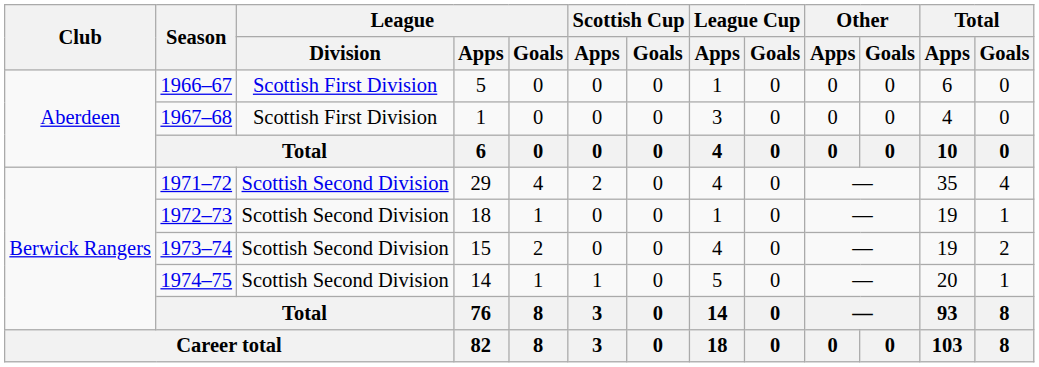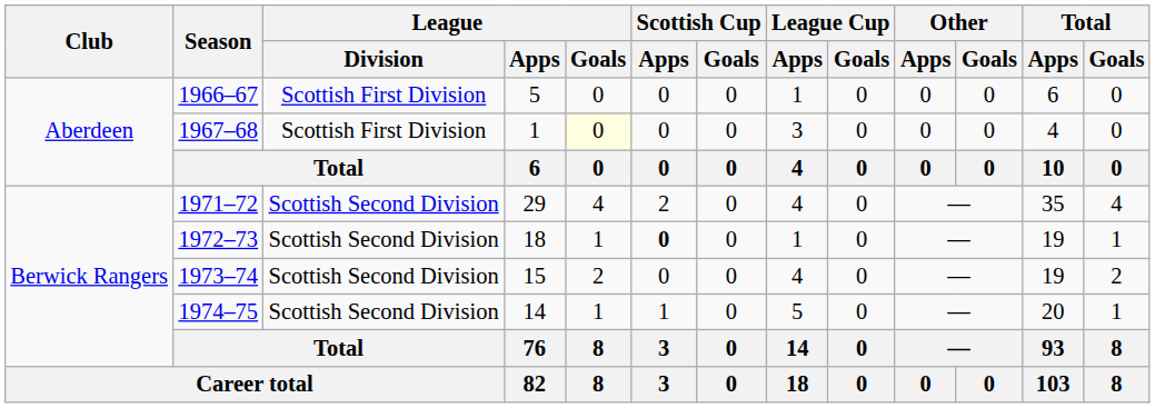 <table class="wikitable" style="text-align: center;">
 <tr>
 <th rowspan="2">Club</th>
 <th rowspan="2">Season</th>
 <th colspan="3">League</th>
 <th colspan="2">Scottish Cup</th>
 <th colspan="2">League Cup</th>
 <th colspan="2">Other</th>
 <th colspan="2">Total</th>
 </tr>
 <tr>
 <th>Division</th>
 <th>Apps</th>
 <th>Goals</th>
 <th>Apps</th>
 <th>Goals</th>
 <th>Apps</th>
 <th>Goals</th>
 <th>Apps</th>
 <th>Goals</th>
 <th>Apps</th>
 <th>Goals</th>
 </tr>
 <tr>
 <td rowspan="3"><a href='#'>Aberdeen</a></td>
 <td><a href='#'>1966–67</a></td>
 <td><a href='#'>Scottish First Division</a></td>
 <td>5</td>
 <td>0</td>
 <td>0</td>
 <td>0</td>
 <td>1</td>
 <td>0</td>
 <td>0</td>
 <td>0</td>
 <td>6</td>
 <td>0</td>
 </tr>
 <tr>
 <td><a href='#'>1967–68</a></td>
 <td>Scottish First Division</td>
 <td>1</td>
-<td>0</td>
+<td style="background: lightyellow;">0</td>
 <td>0</td>
 <td>0</td>
 <td>3</td>
 <td>0</td>
 <td>0</td>
 <td>0</td>
 <td>4</td>
 <td>0</td>
 </tr>
 <tr>
 <th colspan="2">Total</th>
 <th>6</th>
 <th>0</th>
 <th>0</th>
 <th>0</th>
 <th>4</th>
 <th>0</th>
 <th>0</th>
 <th>0</th>
 <th>10</th>
 <th>0</th>
 </tr>
 <tr>
 <td rowspan="5"><a href='#'>Berwick Rangers</a></td>
 <td><a href='#'>1971–72</a></td>
 <td><a href='#'>Scottish Second Division</a></td>
 <td>29</td>
 <td>4</td>
 <td>2</td>
 <td>0</td>
 <td>4</td>
 <td>0</td>
 <td colspan="2">―</td>
 <td>35</td>
 <td>4</td>
 </tr>
 <tr>
 <td><a href='#'>1972–73</a></td>
 <td>Scottish Second Division</td>
 <td>18</td>
 <td>1</td>
-<td>0</td>
+<td><strong>0</strong></td>
 <td>0</td>
 <td>1</td>
 <td>0</td>
 <td colspan="2">―</td>
 <td>19</td>
 <td>1</td>
 </tr>
 <tr>
 <td><a href='#'>1973–74</a></td>
 <td>Scottish Second Division</td>
 <td>15</td>
 <td>2</td>
 <td>0</td>
 <td>0</td>
 <td>4</td>
 <td>0</td>
 <td colspan="2">―</td>
 <td>19</td>
 <td>2</td>
 </tr>
 <tr>
 <td><a href='#'>1974–75</a></td>
 <td>Scottish Second Division</td>
 <td>14</td>
 <td>1</td>
 <td>1</td>
 <td>0</td>
 <td>5</td>
 <td>0</td>
 <td colspan="2">―</td>
 <td>20</td>
 <td>1</td>
 </tr>
 <tr>
 <th colspan="2">Total</th>
 <th>76</th>
 <th>8</th>
 <th>3</th>
 <th>0</th>
 <th>14</th>
 <th>0</th>
 <th colspan="2">―</th>
 <th>93</th>
 <th>8</th>
 </tr>
 <tr>
 <th colspan="3">Career total</th>
 <th>82</th>
 <th>8</th>
 <th>3</th>
 <th>0</th>
 <th>18</th>
 <th>0</th>
 <th>0</th>
 <th>0</th>
 <th>103</th>
 <th>8</th>
 </tr>
 </table>
